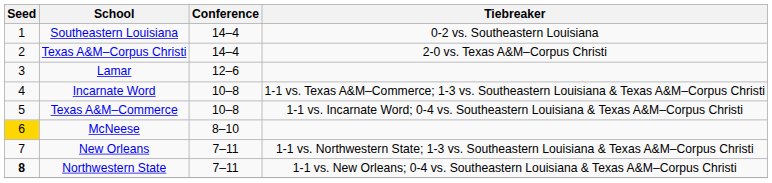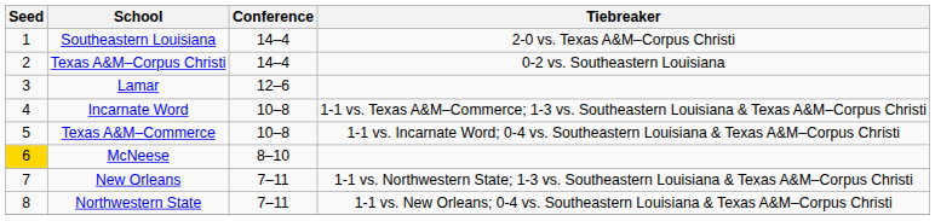 <table class="wikitable" style="text-align:center">
 <tr>
 <th>Seed</th>
 <th>School</th>
 <th>Conference</th>
 <th>Tiebreaker</th>
 </tr>
 <tr>
 <td>1</td>
 <td><a href='#'>Southeastern Louisiana</a></td>
 <td>14–4</td>
-<td>0-2 vs. Southeastern Louisiana</td>
+<td>2-0 vs. Texas A&M–Corpus Christi</td>
 </tr>
 <tr>
 <td>2</td>
 <td><a href='#'>Texas A&M–Corpus Christi</a></td>
 <td>14–4</td>
-<td>2-0 vs. Texas A&M–Corpus Christi</td>
+<td>0-2 vs. Southeastern Louisiana</td>
 </tr>
 <tr>
 <td>3</td>
 <td><a href='#'>Lamar</a></td>
 <td>12–6</td>
 <td></td>
 </tr>
 <tr>
 <td>4</td>
 <td><a href='#'>Incarnate Word</a></td>
 <td>10–8</td>
 <td>1-1 vs. Texas A&M–Commerce; 1-3 vs. Southeastern Louisiana & Texas A&M–Corpus Christi</td>
 </tr>
 <tr>
 <td>5</td>
 <td><a href='#'>Texas A&M–Commerce</a></td>
 <td>10–8</td>
 <td>1-1 vs. Incarnate Word; 0-4 vs. Southeastern Louisiana & Texas A&M–Corpus Christi</td>
 </tr>
 <tr>
 <td style="background: gold;">6</td>
 <td><a href='#'>McNeese</a></td>
 <td>8–10</td>
 <td></td>
 </tr>
 <tr>
 <td>7</td>
 <td><a href='#'>New Orleans</a></td>
 <td>7–11</td>
 <td>1-1 vs. Northwestern State; 1-3 vs. Southeastern Louisiana & Texas A&M–Corpus Christi</td>
 </tr>
 <tr>
-<td><strong>8</strong></td>
+<td>8</td>
 <td><a href='#'>Northwestern State</a></td>
 <td>7–11</td>
 <td>1-1 vs. New Orleans; 0-4 vs. Southeastern Louisiana & Texas A&M–Corpus Christi</td>
 </tr>
 <tr>
 </tr>
 </table>
